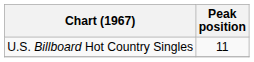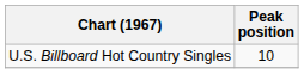 <table class="wikitable sortable">
 <tr>
 <th align="left">Chart (1967)</th>
 <th align="center">Peak<br>position</th>
 </tr>
 <tr>
 <td align="left">U.S. <em>Billboard</em> Hot Country Singles</td>
-<td align="center">11</td>
+<td align="center">10</td>
 </tr>
 <tr>
 </tr>
 </table>
